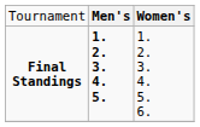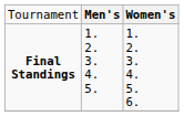 <table class=wikitable>
 <tr>
 <td align=center>Tournament</td>
 <th>Men's</th>
 <th>Women's</th>
 </tr>
 <tr>
 <td align=center><strong>Final <br> Standings</strong></td>
-<td valign=top><strong>1.  <br> 2.  <br> 3.  <br> 4.  <br> 5. </strong></td>
+<td valign=top>1.  <br> 2.  <br> 3.  <br> 4.  <br> 5. </td>
 <td valign=top>1.  <br> 2.  <br> 3.  <br> 4.  <br> 5.  <br> 6. </td>
 </tr>
 <tr>
 </tr>
 </table>
